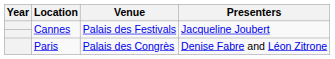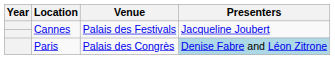 <table class="wikitable plainrowheaders">
 <tr>
 <th>Year</th>
 <th>Location</th>
 <th>Venue</th>
 <th>Presenters</th>
 </tr>
 <tr>
 <th scope="row"></th>
 <td rowspan="2"><a href='#'>Cannes</a></td>
 <td rowspan="2"><a href='#'>Palais des Festivals</a></td>
 <td rowspan="2"><a href='#'>Jacqueline Joubert</a></td>
 </tr>
 <tr>
 <th scope="row"></th>
 </tr>
 <tr>
 <th scope="row"></th>
 <td><a href='#'>Paris</a></td>
 <td><a href='#'>Palais des Congrès</a></td>
-<td><a href='#'>Denise Fabre</a> and <a href='#'>Léon Zitrone</a></td>
+<td style="background: lightblue;"><a href='#'>Denise Fabre</a> and <a href='#'>Léon Zitrone</a></td>
 </tr>
 </table>
